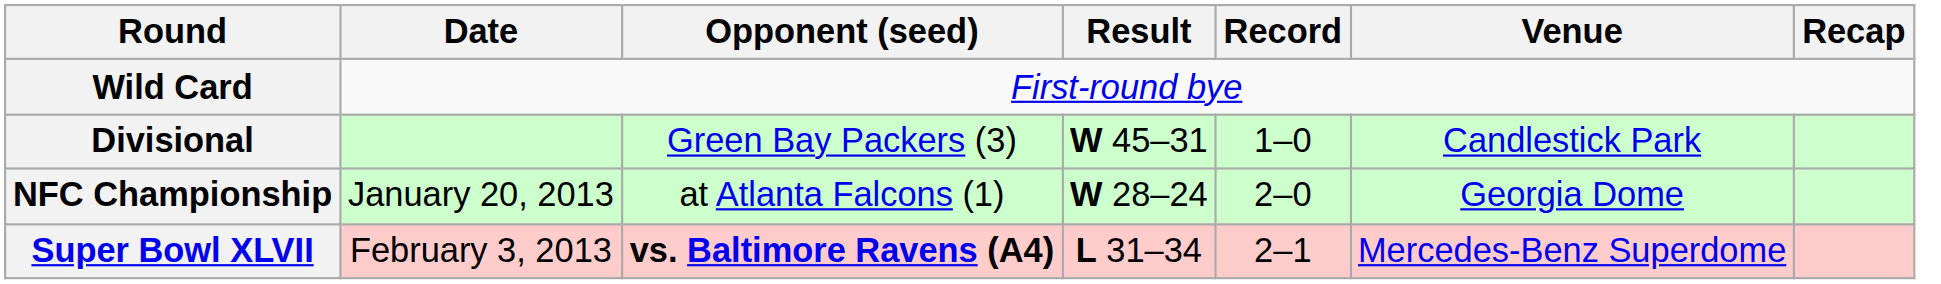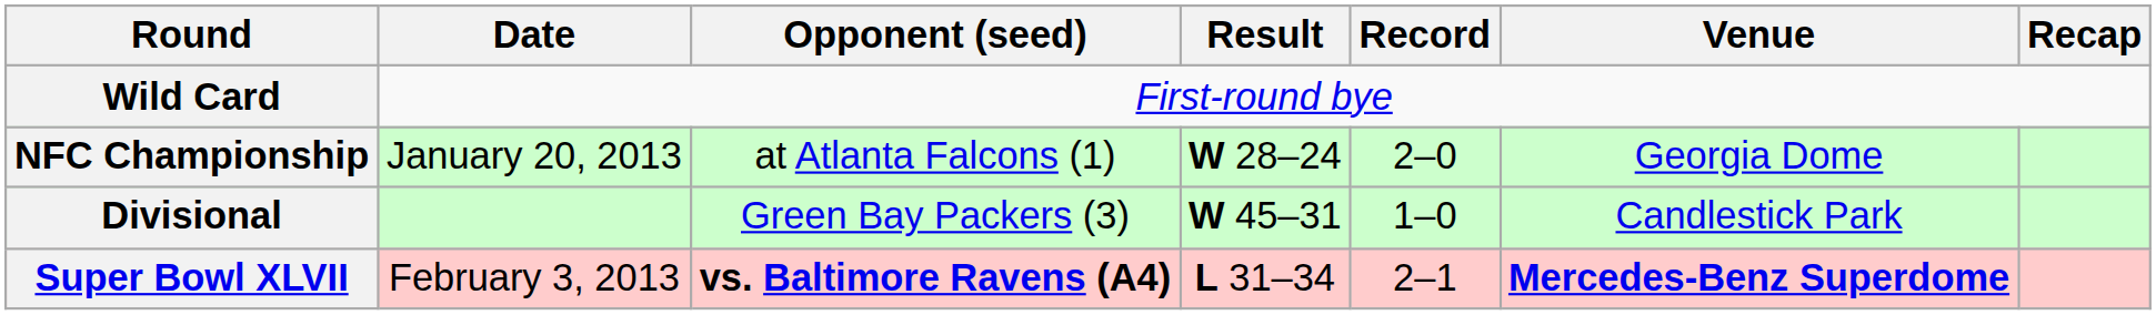 <table class="wikitable" style="text-align:center">
 <tr>
 <th>Round</th>
 <th>Date</th>
 <th>Opponent (seed)</th>
 <th>Result</th>
 <th>Record</th>
 <th>Venue</th>
 <th>Recap</th>
 </tr>
 <tr>
 <th>Wild Card</th>
 <td colspan="6"><em><a href='#'>First-round bye</a></em></td>
 </tr>
 <tr style="background:#cfc">
+<th>NFC Championship</th>
+<td>January 20, 2013</td>
+<td>at <a href='#'>Atlanta Falcons</a> (1)</td>
+<td><strong>W</strong> 28–24</td>
+<td>2–0</td>
+<td><a href='#'>Georgia Dome</a></td>
+<td></td>
+</tr>
+<tr style="background:#cfc">
 <th>Divisional</th>
 <td></td>
 <td><a href='#'>Green Bay Packers</a> (3)</td>
 <td><strong>W</strong> 45–31</td>
 <td>1–0</td>
 <td><a href='#'>Candlestick Park</a></td>
 <td></td>
 </tr>
-<tr style="background:#cfc">
-<th>NFC Championship</th>
-<td>January 20, 2013</td>
-<td>at <a href='#'>Atlanta Falcons</a> (1)</td>
-<td><strong>W</strong> 28–24</td>
-<td>2–0</td>
-<td><a href='#'>Georgia Dome</a></td>
-<td></td>
-</tr>
 <tr style="background:#fcc">
 <th><a href='#'>Super Bowl XLVII</a></th>
 <td>February 3, 2013</td>
 <td><strong>vs. <a href='#'>Baltimore Ravens</a> (A4)</strong></td>
 <td><strong>L</strong> 31–34</td>
 <td>2–1</td>
-<td><a href='#'>Mercedes-Benz Superdome</a></td>
+<td><strong><a href='#'>Mercedes-Benz Superdome</a></strong></td>
 <td></td>
 </tr>
 </table>
